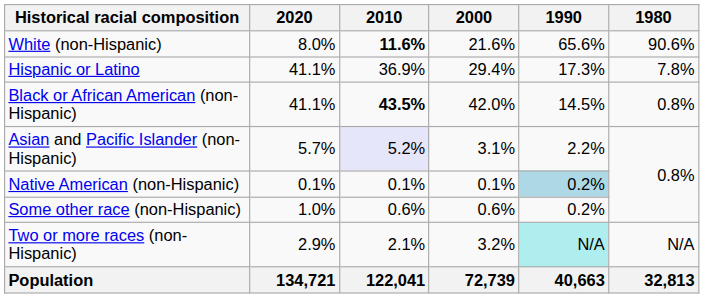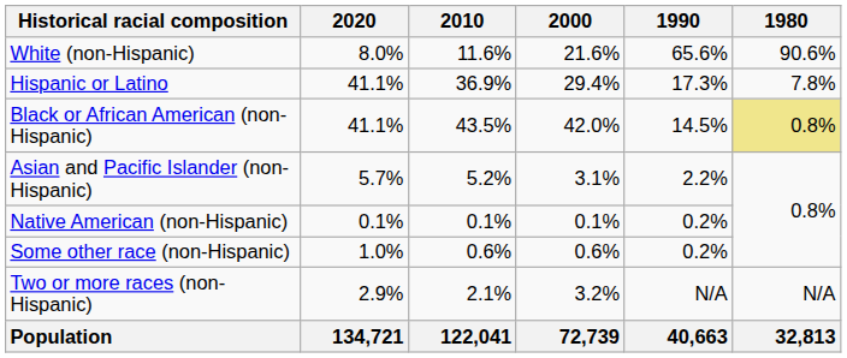 <table class="wikitable" style="font-size: 90%; text-align: right;">
 <tr>
 <th>Historical racial composition</th>
 <th style="width: 5em;">2020</th>
 <th style="width: 5em;">2010</th>
 <th style="width: 5em;">2000</th>
 <th style="width: 5em;">1990</th>
 <th style="width: 5em;">1980</th>
 </tr>
 <tr>
 <td style="text-align:left"><a href='#'>White</a> (non-Hispanic)</td>
 <td>8.0%</td>
-<td><strong>11.6%</strong></td>
+<td>11.6%</td>
 <td>21.6%</td>
 <td>65.6%</td>
 <td>90.6%</td>
 </tr>
 <tr>
 <td style="text-align:left"><a href='#'>Hispanic or Latino</a></td>
 <td>41.1%</td>
 <td>36.9%</td>
 <td>29.4%</td>
 <td>17.3%</td>
 <td>7.8%</td>
 </tr>
 <tr>
 <td style="text-align:left"><a href='#'>Black or African American</a> (non-Hispanic)</td>
 <td>41.1%</td>
-<td><strong>43.5%</strong></td>
+<td>43.5%</td>
 <td>42.0%</td>
 <td>14.5%</td>
-<td>0.8%</td>
+<td style="background: khaki;">0.8%</td>
 </tr>
 <tr>
 <td style="text-align:left"><a href='#'>Asian</a> and <a href='#'>Pacific Islander</a> (non-Hispanic)</td>
 <td>5.7%</td>
-<td style="background: lavender;">5.2%</td>
+<td>5.2%</td>
 <td>3.1%</td>
 <td>2.2%</td>
 <td rowspan="3">0.8%</td>
 </tr>
 <tr>
 <td style="text-align:left"><a href='#'>Native American</a> (non-Hispanic)</td>
 <td>0.1%</td>
 <td>0.1%</td>
 <td>0.1%</td>
-<td style="background: lightblue;">0.2%</td>
+<td>0.2%</td>
 </tr>
 <tr>
 <td style="text-align:left"><a href='#'>Some other race</a> (non-Hispanic)</td>
 <td>1.0%</td>
 <td>0.6%</td>
 <td>0.6%</td>
 <td>0.2%</td>
 </tr>
 <tr>
 <td style="text-align:left"><a href='#'>Two or more races</a> (non-Hispanic)</td>
 <td>2.9%</td>
 <td>2.1%</td>
 <td>3.2%</td>
-<td style="background: paleturquoise;">N/A</td>
+<td>N/A</td>
 <td>N/A</td>
 </tr>
 <tr>
 <th style="text-align:left">Population</th>
 <th style="text-align:right">134,721</th>
 <th style="text-align:right">122,041</th>
 <th style="text-align:right">72,739</th>
 <th style="text-align:right">40,663</th>
 <th style="text-align:right">32,813</th>
 </tr>
 </table>
